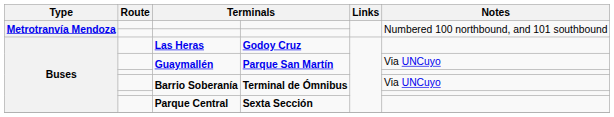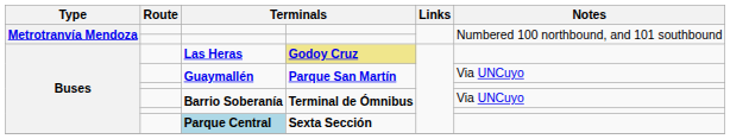 <table class="wikitable sortable sticky-header" style="font-size: 95%;" |>
 <tr>
 <th>Type</th>
 <th>Route</th>
 <th class="unsortable" colspan="2">Terminals</th>
 <th class="unsortable">Links</th>
 <th class="unsortable">Notes</th>
 </tr>
 <tr>
 <th rowspan="2"><a href='#'>Metrotranvía Mendoza</a></th>
 <td style="text-align:center; vertical-align:top;"><strong></strong></td>
 <td><strong></strong></td>
 <td><strong></strong></td>
 <td rowspan="2"></td>
 <td rowspan="2">Numbered 100 northbound, and 101 southbound</td>
 </tr>
 <tr>
 <td style="text-align:center; vertical-align:top;"><strong></strong></td>
 <td><strong></strong></td>
 <td><strong></strong></td>
 </tr>
 <tr>
 <th rowspan="6">Buses</th>
 <td style="text-align:center; vertical-align:top;"><strong></strong></td>
 <td><strong><a href='#'>Las Heras</a></strong></td>
-<td><strong><a href='#'>Godoy Cruz</a></strong></td>
+<td style="background: khaki;"><strong><a href='#'>Godoy Cruz</a></strong></td>
 <td rowspan="6"></td>
 <td></td>
 </tr>
 <tr>
 <td style="text-align:center; vertical-align:top;"><strong></strong></td>
 <td rowspan="2"><strong><a href='#'>Guaymallén</a></strong></td>
 <td rowspan="2"><strong><a href='#'>Parque San Martín</a></strong></td>
 <td>Via <a href='#'>UNCuyo</a></td>
 </tr>
 <tr>
 <td style="text-align:center; vertical-align:top;"><strong></strong></td>
 <td></td>
 </tr>
 <tr>
 <td style="text-align:center; vertical-align:top;"><strong></strong></td>
 <td rowspan="2"><strong>Barrio Soberanía</strong></td>
 <td rowspan="2"><strong>Terminal de Ómnibus</strong></td>
 <td>Via <a href='#'>UNCuyo</a></td>
 </tr>
 <tr>
 <td style="text-align:center; vertical-align:top;"><strong></strong></td>
 <td></td>
 </tr>
 <tr>
 <td style="text-align:center; vertical-align:top;"><strong></strong></td>
-<td><strong>Parque Central</strong></td>
+<td style="background: lightblue;"><strong>Parque Central</strong></td>
 <td><strong>Sexta Sección</strong></td>
 <td></td>
 </tr>
 <tr>
 </tr>
 </table>
